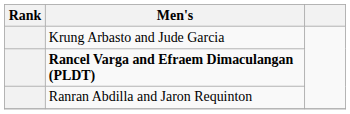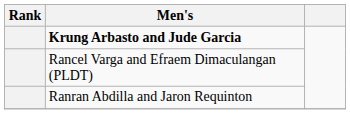 <table class="wikitable" style="text-align: center;">
 <tr>
 <th width=40>Rank</th>
 <th width=290>Men's</th>
 <th width=40></th>
 </tr>
 <tr>
 <th></th>
-<td style="text-align:left;">Krung Arbasto and Jude Garcia </td>
+<td style="text-align:left;"><strong>Krung Arbasto and Jude Garcia </strong></td>
 <td rowspan=3><br></td>
 </tr>
 <tr>
 <th></th>
-<td style="text-align:left;"><strong>Rancel Varga and Efraem Dimaculangan (PLDT)</strong></td>
+<td style="text-align:left;">Rancel Varga and Efraem Dimaculangan (PLDT)</td>
 </tr>
 <tr>
 <th></th>
 <td style="text-align:left;">Ranran Abdilla and Jaron Requinton </td>
 </tr>
 <tr>
 </tr>
 </table>
